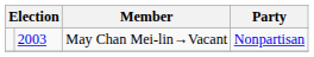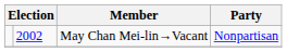 <table class="wikitable">
 <tr>
 <th colspan="2">Election</th>
 <th>Member</th>
 <th>Party</th>
 </tr>
 <tr>
 <td style="color:inherit;background:"></td>
-<td><a href='#'>2003</a></td>
+<td><a href='#'>2002</a></td>
 <td>May Chan Mei-lin→Vacant</td>
 <td><a href='#'>Nonpartisan</a></td>
 </tr>
 <tr>
 </tr>
 </table>
